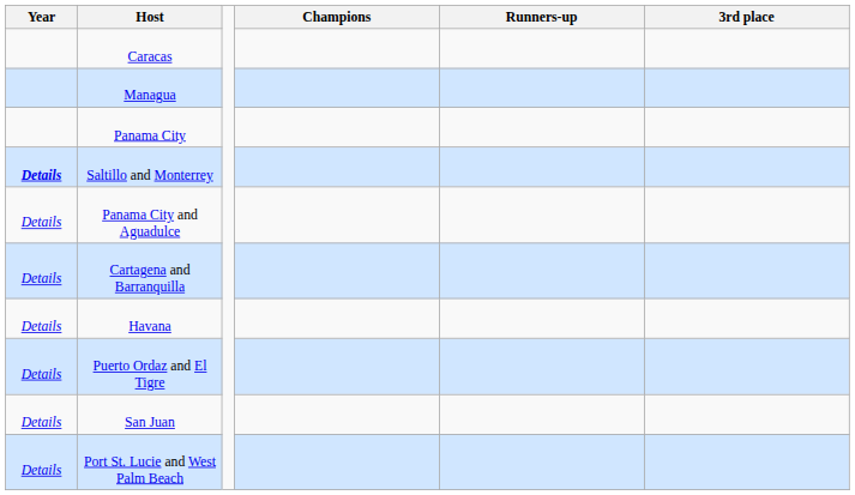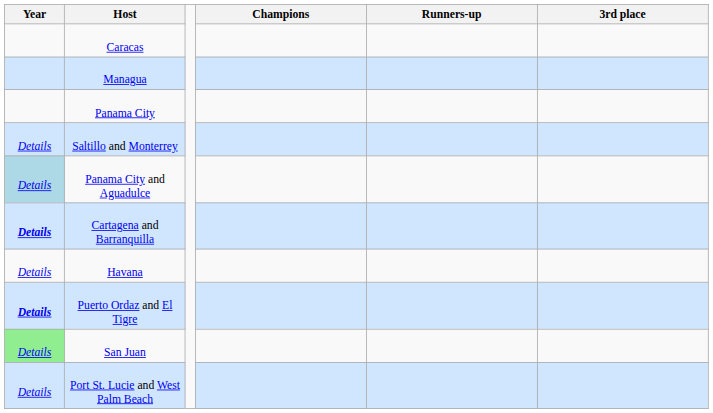 <table class="wikitable" style="font-size:90%; text-align: center;">
 <tr>
 <th width=6%>Year</th>
 <th width=12%>Host</th>
 <td width=1% rowspan=28 style="border-top:none;border-bottom:none;"></td>
 <th width=17%> Champions</th>
 <th width=17%> Runners-up</th>
 <th width=17%> 3rd place</th>
 </tr>
 <tr>
 <td><br></td>
 <td><br><a href='#'>Caracas</a></td>
 <td><strong></strong></td>
 <td></td>
 <td></td>
 </tr>
 <tr style="background: #D0E6FF;">
 <td><br></td>
 <td><br><a href='#'>Managua</a></td>
 <td><strong></strong></td>
 <td></td>
 <td></td>
 </tr>
 <tr>
 <td><br></td>
 <td><br><a href='#'>Panama City</a></td>
 <td><strong></strong></td>
 <td></td>
 <td></td>
 </tr>
 <tr style="background: #D0E6FF;">
-<td><strong><br><em><a href='#'>Details</a></em></strong></td>
+<td><br><em><a href='#'>Details</a></em></td>
 <td><br><a href='#'>Saltillo</a> and <a href='#'>Monterrey</a></td>
 <td><strong></strong></td>
 <td></td>
 <td></td>
 </tr>
 <tr>
-<td><br><em><a href='#'>Details</a></em></td>
+<td style="background: lightblue;"><br><em><a href='#'>Details</a></em></td>
 <td><br><a href='#'>Panama City</a> and <a href='#'>Aguadulce</a></td>
 <td><strong></strong></td>
 <td></td>
 <td></td>
 </tr>
 <tr style="background: #D0E6FF;">
-<td><br><em><a href='#'>Details</a></em></td>
+<td><strong><br><em><a href='#'>Details</a></em></strong></td>
 <td><br><a href='#'>Cartagena</a> and <a href='#'>Barranquilla</a></td>
 <td><strong></strong></td>
 <td></td>
 <td></td>
 </tr>
 <tr>
 <td><br><em><a href='#'>Details</a></em></td>
 <td><br><a href='#'>Havana</a></td>
 <td><strong></strong></td>
 <td></td>
 <td></td>
 </tr>
 <tr style="background: #D0E6FF;">
-<td><br><em><a href='#'>Details</a></em></td>
+<td><strong><br><em><a href='#'>Details</a></em></strong></td>
 <td><br><a href='#'>Puerto Ordaz</a> and <a href='#'>El Tigre</a></td>
 <td><strong></strong></td>
 <td></td>
 <td></td>
 </tr>
 <tr>
-<td><br><em><a href='#'>Details</a></em></td>
+<td style="background: lightgreen;"><br><em><a href='#'>Details</a></em></td>
 <td><br><a href='#'>San Juan</a></td>
 <td><strong></strong></td>
 <td></td>
 <td><br></td>
 </tr>
 <tr style="background: #D0E6FF;">
 <td><br><em><a href='#'>Details</a></em></td>
 <td><br><a href='#'>Port St. Lucie</a> and <a href='#'>West Palm Beach</a></td>
 <td><strong></strong></td>
 <td></td>
 <td></td>
 </tr>
 </table>
